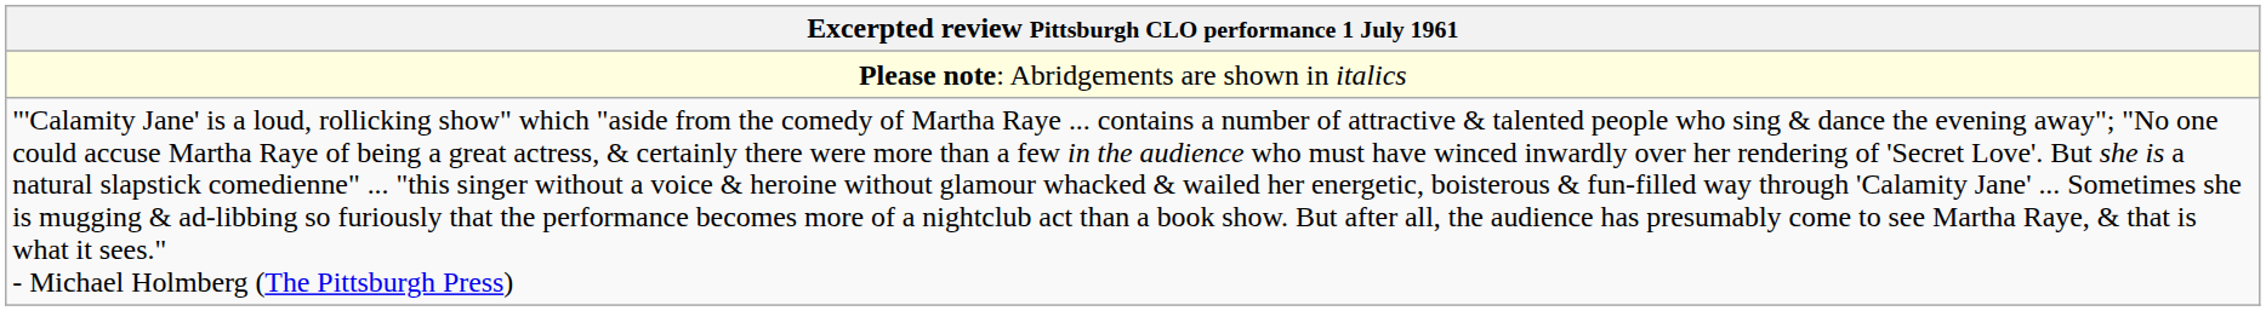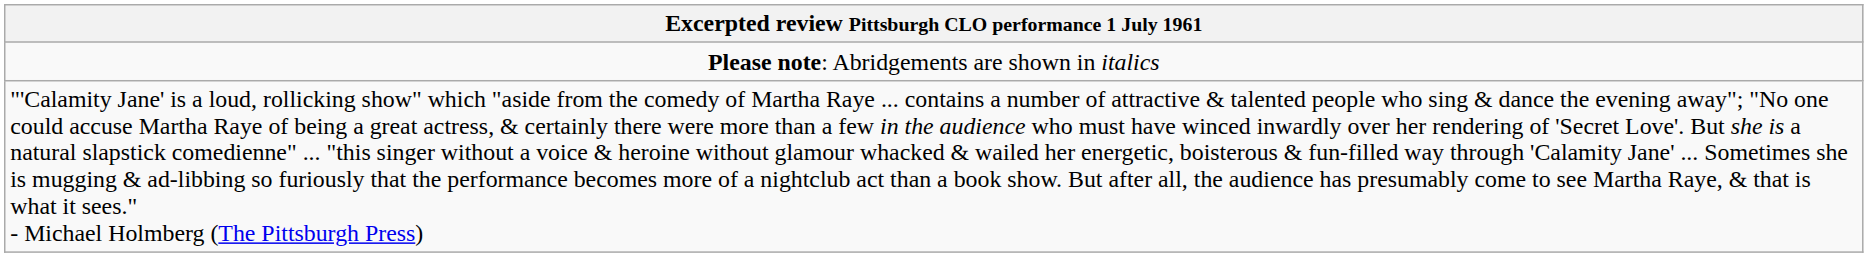 <table class="wikitable floatright collapsible collapsed">
 <tr>
 <th>Excerpted review <small>Pittsburgh CLO performance 1 July 1961</small></th>
 </tr>
 <tr>
-<td style="background: lightyellow; text-align:center;"><strong>Please note</strong>: Abridgements are shown in <em>italics</em></td>
+<td style="text-align:center;"><strong>Please note</strong>: Abridgements are shown in <em>italics</em></td>
 </tr>
 <tr>
 <td>"'Calamity Jane' is a loud, rollicking show" which "aside from the comedy of Martha Raye ... contains a number of attractive & talented people who sing & dance the evening away"; "No one could accuse Martha Raye of being a great actress, & certainly there were more than a few <em>in the audience</em> who must have winced inwardly over her rendering of 'Secret Love'. But <em>she is</em> a natural slapstick comedienne" ... "this singer without a voice & heroine without glamour whacked & wailed her energetic, boisterous & fun-filled way through 'Calamity Jane' ... Sometimes she is mugging & ad-libbing so furiously that the performance becomes more of a nightclub act than a book show. But after all, the audience has presumably come to see Martha Raye, & that is what it sees."<br>- Michael Holmberg (<a href='#'>The Pittsburgh Press</a>) </td>
 </tr>
 </table>
